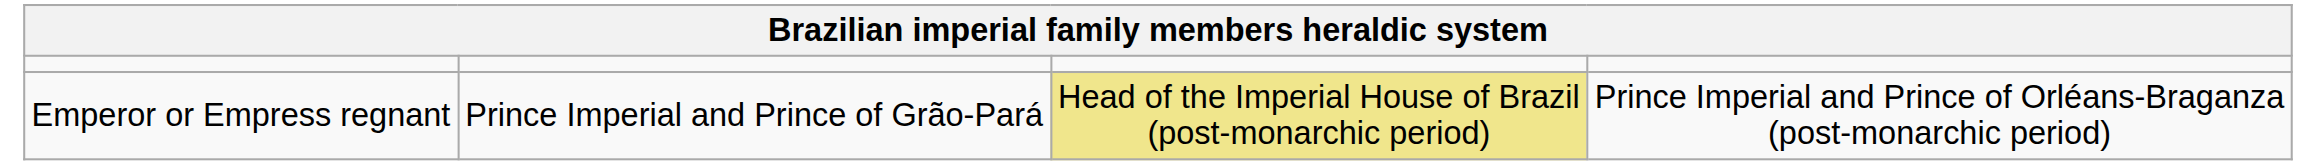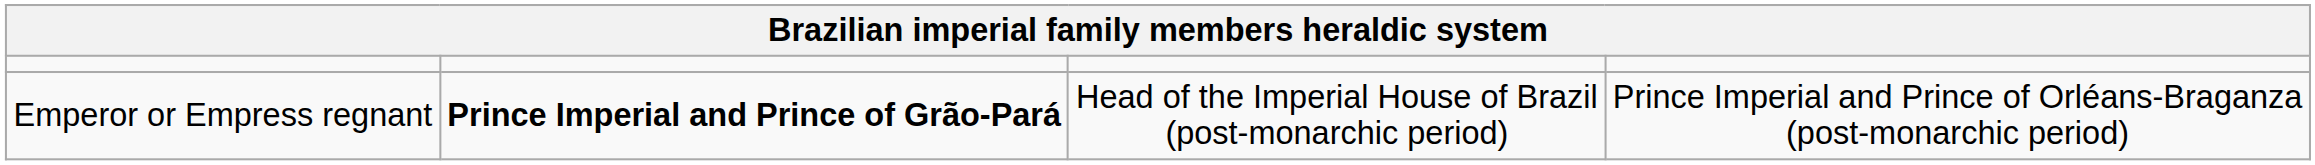 <table class="wikitable" style="margin:1em auto;">
 <tr>
 <th colspan=8>Brazilian imperial family members heraldic system</th>
 </tr>
 <tr>
 <td align=center></td>
 <td align=center></td>
 <td align=center></td>
 <td align=center></td>
 </tr>
 <tr>
 <td align=center>Emperor or Empress regnant</td>
-<td align=center>Prince Imperial and Prince of Grão-Pará</td>
-<td align=center style="background: khaki;">Head of the Imperial House of Brazil <br>(post-monarchic period)</td>
+<td align=center><strong>Prince Imperial and Prince of Grão-Pará</strong></td>
+<td align=center>Head of the Imperial House of Brazil <br>(post-monarchic period)</td>
 <td align=center>Prince Imperial and Prince of Orléans-Braganza <br>(post-monarchic period)</td>
 </tr>
 </table>
